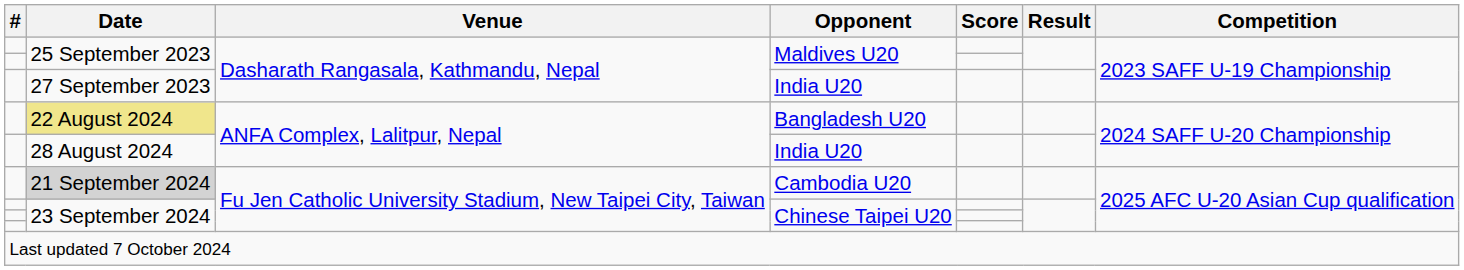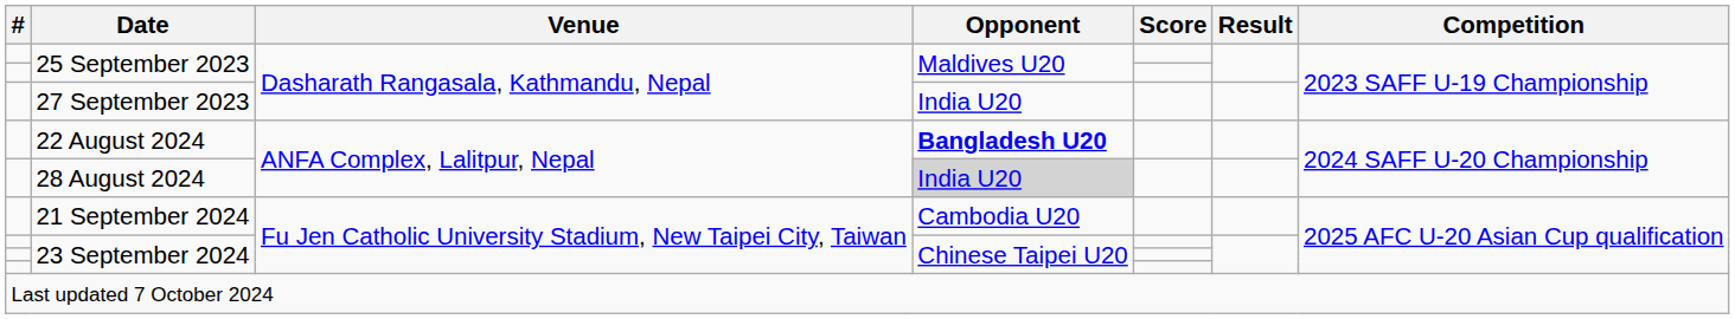 <table class="wikitable" style="font-size:95%">
 <tr>
 <th>#</th>
 <th>Date</th>
 <th>Venue</th>
 <th>Opponent</th>
 <th>Score</th>
 <th>Result</th>
 <th>Competition</th>
 </tr>
 <tr>
 <td></td>
 <td rowspan=2>25 September 2023</td>
 <td rowspan=3><a href='#'>Dasharath Rangasala</a>, <a href='#'>Kathmandu</a>, <a href='#'>Nepal</a></td>
 <td rowspan=2> <a href='#'>Maldives U20</a></td>
 <td></td>
 <td rowspan=2></td>
 <td rowspan=3><a href='#'>2023 SAFF U-19 Championship</a></td>
 </tr>
 <tr>
 <td></td>
 <td></td>
 </tr>
 <tr>
 <td></td>
 <td>27 September 2023</td>
 <td> <a href='#'>India U20</a></td>
 <td></td>
 <td></td>
 </tr>
 <tr>
 <td></td>
-<td style="background: khaki;">22 August 2024</td>
+<td>22 August 2024</td>
 <td rowspan=2><a href='#'>ANFA Complex</a>, <a href='#'>Lalitpur</a>, <a href='#'>Nepal</a></td>
-<td> <a href='#'>Bangladesh U20</a></td>
+<td><strong> <a href='#'>Bangladesh U20</a></strong></td>
 <td></td>
 <td></td>
 <td rowspan=2><a href='#'>2024 SAFF U-20 Championship</a></td>
 </tr>
 <tr>
 <td></td>
 <td>28 August 2024</td>
-<td> <a href='#'>India U20</a></td>
+<td style="background: lightgrey;"> <a href='#'>India U20</a></td>
 <td></td>
 <td></td>
 </tr>
 <tr>
 <td></td>
-<td style="background: lightgrey;">21 September 2024</td>
+<td>21 September 2024</td>
 <td rowspan=4><a href='#'>Fu Jen Catholic University Stadium</a>, <a href='#'>New Taipei City</a>, <a href='#'>Taiwan</a></td>
 <td> <a href='#'>Cambodia U20</a></td>
 <td></td>
 <td></td>
 <td rowspan=4><a href='#'>2025 AFC U-20 Asian Cup qualification</a></td>
 </tr>
 <tr>
 <td></td>
 <td rowspan=3>23 September 2024</td>
 <td rowspan=3> <a href='#'>Chinese Taipei U20</a></td>
 <td></td>
 <td rowspan=3></td>
 </tr>
 <tr>
 <td></td>
 <td></td>
 </tr>
 <tr>
 <td></td>
 <td></td>
 </tr>
 <tr>
 <td colspan="8"><small>Last updated 7 October 2024</small></td>
 </tr>
 </table>
